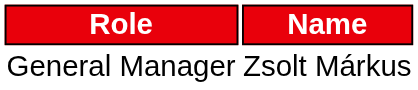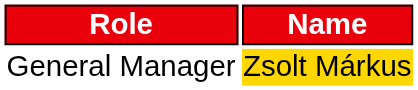 <table class="toccolours">
 <tr>
 <th style="background:#e9000b;color:#FFFFFF;border:1px solid #000000;">Role</th>
 <th style="background:#e9000b;color:#FFFFFF;border:1px solid #000000;">Name</th>
 </tr>
 <tr>
 <td>General Manager</td>
-<td> Zsolt Márkus</td>
+<td style="background: gold;"> Zsolt Márkus</td>
 </tr>
 </table>
